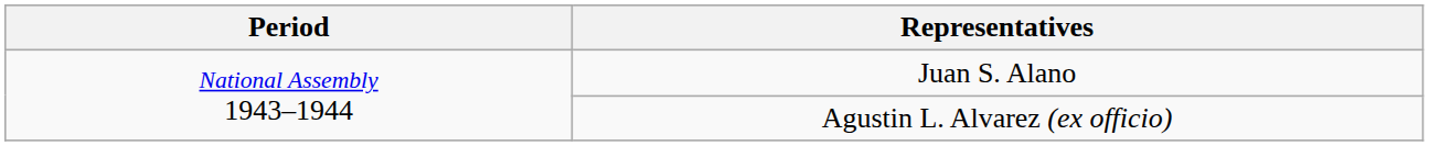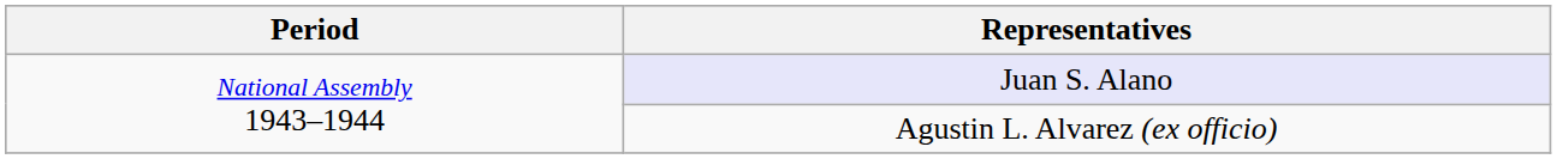 <table class="wikitable" style="text-align:center; width:40%;">
 <tr>
 <th width=40%>Period</th>
 <th>Representatives</th>
 </tr>
 <tr>
 <td rowspan=2><small><a href='#'><em>National Assembly</em></a></small><br>1943–1944</td>
-<td>Juan S. Alano</td>
+<td style="background: lavender;">Juan S. Alano</td>
 </tr>
 <tr>
 <td>Agustin L. Alvarez <em>(ex officio)</em></td>
 </tr>
 </table>
